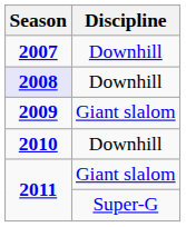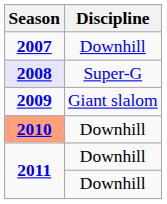 <table class="wikitable">
 <tr>
 <th>Season</th>
 <th>Discipline</th>
 </tr>
 <tr>
 <td align=center><strong><a href='#'>2007</a></strong></td>
 <td align=center><a href='#'>Downhill</a></td>
 </tr>
 <tr>
 <td align=center style="background: lavender;"><strong><a href='#'>2008</a></strong></td>
-<td align=center>Downhill</td>
+<td align=center><a href='#'>Super-G</a></td>
 </tr>
 <tr>
 <td align=center><strong><a href='#'>2009</a></strong></td>
 <td align=center><a href='#'>Giant slalom</a></td>
 </tr>
 <tr>
-<td align=center><strong><a href='#'>2010</a></strong></td>
+<td align=center style="background: lightsalmon;"><strong><a href='#'>2010</a></strong></td>
 <td align=center>Downhill</td>
 </tr>
 <tr>
 <td align=center rowspan=2><strong><a href='#'>2011</a></strong></td>
-<td align=center><a href='#'>Giant slalom</a></td>
+<td align=center>Downhill</td>
 </tr>
 <tr>
-<td align=center><a href='#'>Super-G</a></td>
+<td align=center>Downhill</td>
 </tr>
 </table>
